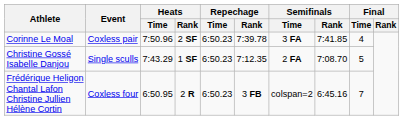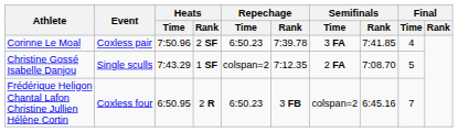 <table class="wikitable" style="font-size:90%">
 <tr>
 <th rowspan="2">Athlete</th>
 <th rowspan="2">Event</th>
 <th colspan="2">Heats</th>
 <th colspan="2">Repechage</th>
 <th colspan="2">Semifinals</th>
 <th colspan="2">Final</th>
 </tr>
 <tr style="font-size:95%">
 <th>Time</th>
 <th>Rank</th>
 <th>Time</th>
 <th>Rank</th>
 <th>Time</th>
 <th>Rank</th>
 <th>Time</th>
 <th>Rank</th>
 </tr>
 <tr align=center>
 <td align=left><a href='#'>Corinne Le Moal</a></td>
 <td align=left><a href='#'>Coxless pair</a></td>
 <td>7:50.96</td>
 <td>2 <strong>SF</strong></td>
 <td>6:50.23</td>
 <td>7:39.78</td>
 <td>3 <strong>FA</strong></td>
 <td>7:41.85</td>
 <td>4</td>
 </tr>
 <tr align=center>
 <td align=left><a href='#'>Christine Gossé</a><br><a href='#'>Isabelle Danjou</a></td>
 <td align=left><a href='#'>Single sculls</a></td>
 <td>7:43.29</td>
 <td>1 <strong>SF</strong></td>
-<td>6:50.23</td>
+<td>colspan=2</td>
 <td>7:12.35</td>
 <td>2 <strong>FA</strong></td>
 <td>7:08.70</td>
 <td>5</td>
 </tr>
 <tr align=center>
 <td align=left><a href='#'>Frédérique Heligon</a><br><a href='#'>Chantal Lafon</a><br><a href='#'>Christine Jullien</a><br><a href='#'>Hélène Cortin</a></td>
 <td align=left><a href='#'>Coxless four</a></td>
 <td>6:50.95</td>
 <td>2 <strong>R</strong></td>
 <td>6:50.23</td>
 <td>3 <strong>FB</strong></td>
 <td>colspan=2</td>
 <td>6:45.16</td>
 <td>7</td>
 </tr>
 </table>
